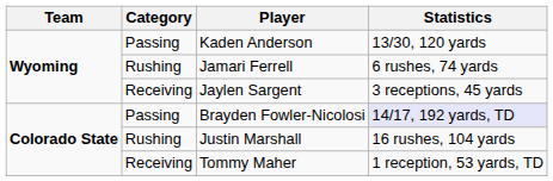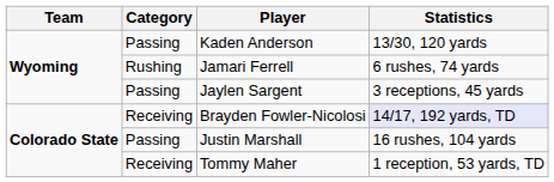 <table class="wikitable" style="float: right;">
 <tr>
 <th>Team</th>
 <th>Category</th>
 <th>Player</th>
 <th>Statistics</th>
 </tr>
 <tr>
 <td rowspan=3><strong>Wyoming</strong></td>
 <td>Passing</td>
 <td>Kaden Anderson</td>
 <td>13/30, 120 yards</td>
 </tr>
 <tr>
 <td>Rushing</td>
 <td>Jamari Ferrell</td>
 <td>6 rushes, 74 yards</td>
 </tr>
 <tr>
-<td>Receiving</td>
+<td>Passing</td>
 <td>Jaylen Sargent</td>
 <td>3 receptions, 45 yards</td>
 </tr>
 <tr>
 <td rowspan=3><strong>Colorado State</strong></td>
-<td>Passing</td>
+<td>Receiving</td>
 <td>Brayden Fowler-Nicolosi</td>
 <td style="background: lavender;">14/17, 192 yards, TD</td>
 </tr>
 <tr>
-<td>Rushing</td>
+<td>Passing</td>
 <td>Justin Marshall</td>
 <td>16 rushes, 104 yards</td>
 </tr>
 <tr>
 <td>Receiving</td>
 <td>Tommy Maher</td>
 <td>1 reception, 53 yards, TD</td>
 </tr>
 </table>
